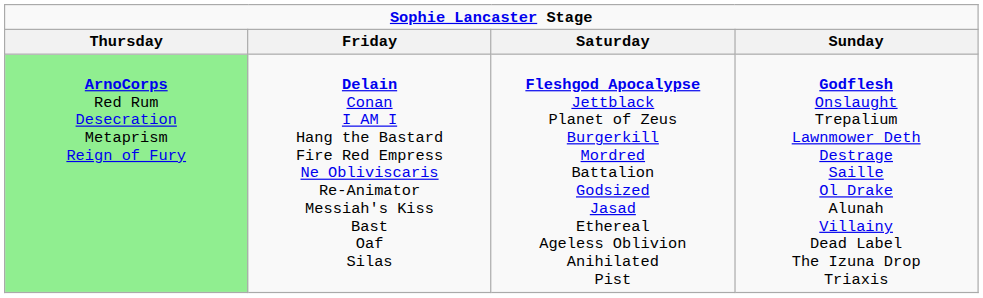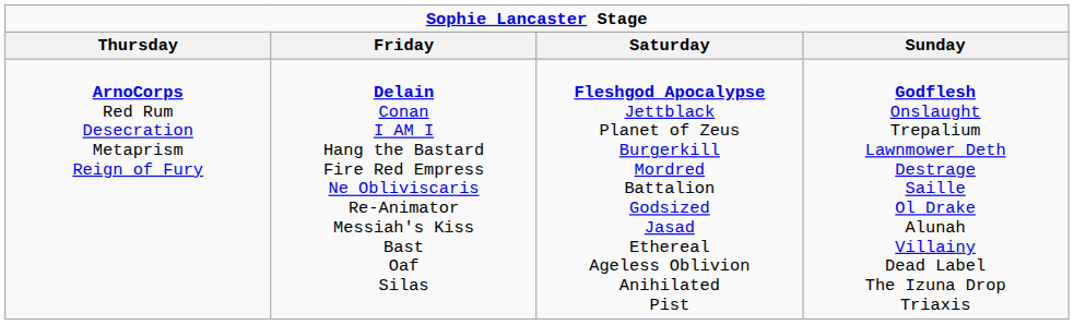 <table class="wikitable">
 <tr>
 <td colspan="4" align="center"><strong><a href='#'>Sophie Lancaster</a> Stage</strong></td>
 </tr>
 <tr>
 <th>Thursday</th>
 <th>Friday</th>
 <th>Saturday</th>
 <th>Sunday</th>
 </tr>
 <tr>
-<td align="center" valign="top" width="200" style="background: lightgreen;"><br><strong><a href='#'>ArnoCorps</a></strong><br>  Red Rum<br>  <a href='#'>Desecration</a><br>  Metaprism<br>  <a href='#'>Reign of Fury</a></td>
+<td align="center" valign="top" width="200"><br><strong><a href='#'>ArnoCorps</a></strong><br>  Red Rum<br>  <a href='#'>Desecration</a><br>  Metaprism<br>  <a href='#'>Reign of Fury</a></td>
 <td align="center" valign="top" width="200"><br><strong><a href='#'>Delain</a></strong><br> <a href='#'>Conan</a><br>  <a href='#'>I AM I</a><br> Hang the Bastard<br> Fire Red Empress<br> <a href='#'>Ne Obliviscaris</a><br> Re-Animator<br> Messiah's Kiss<br> Bast<br> Oaf<br> Silas</td>
 <td align="center" valign="top" width="200"><br><strong><a href='#'>Fleshgod Apocalypse</a></strong><br> <a href='#'>Jettblack</a><br> Planet of Zeus<br> <a href='#'>Burgerkill</a><br> <a href='#'>Mordred</a><br> Battalion<br> <a href='#'>Godsized</a><br> <a href='#'>Jasad</a><br> Ethereal<br> Ageless Oblivion<br> Anihilated<br> Pist</td>
 <td align="center" valign="top" width="200"><br><strong><a href='#'>Godflesh</a></strong><br> <a href='#'>Onslaught</a><br>  Trepalium<br> <a href='#'>Lawnmower Deth</a><br> <a href='#'>Destrage</a><br> <a href='#'>Saille</a><br> <a href='#'>Ol Drake</a><br> Alunah<br> <a href='#'>Villainy</a><br> Dead Label<br> The Izuna Drop<br> Triaxis</td>
 </tr>
 </table>
